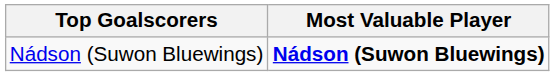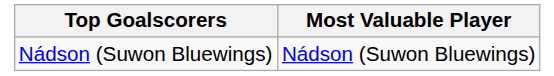 <table class="wikitable" style="text-align: center; margin: 0 auto;">
 <tr>
 <th>Top Goalscorers</th>
 <th>Most Valuable Player</th>
 </tr>
 <tr>
 <td> <a href='#'>Nádson</a> (Suwon Bluewings)</td>
-<td><strong> <a href='#'>Nádson</a> (Suwon Bluewings)</strong></td>
+<td> <a href='#'>Nádson</a> (Suwon Bluewings)</td>
 </tr>
 </table>
